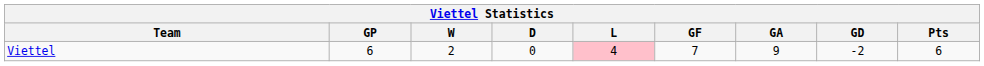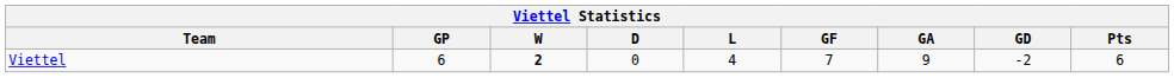 <table width=70% class="wikitable" style="text-align:center;">
 <tr>
 <th colspan=9><a href='#'>Viettel</a> Statistics</th>
 </tr>
 <tr>
 <th width=20%>Team</th>
 <th width=5%>GP</th>
 <th width=5%>W</th>
 <th width=5%>D</th>
 <th width=5%>L</th>
 <th width=5%>GF</th>
 <th width=5%>GA</th>
 <th width=5%>GD</th>
 <th width=5%>Pts</th>
 </tr>
 <tr>
 <td style="text-align:left;"> <a href='#'>Viettel</a></td>
 <td>6</td>
-<td>2</td>
+<td><strong>2</strong></td>
 <td>0</td>
-<td style="background: pink;">4</td>
+<td>4</td>
 <td>7</td>
 <td>9</td>
 <td>-2</td>
 <td>6</td>
 </tr>
 </table>
